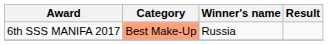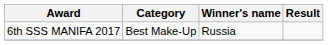 <table class="wikitable sortable">
 <tr>
 <th>Award</th>
 <th>Category</th>
 <th>Winner's name</th>
 <th>Result</th>
 </tr>
 <tr>
 <td>6th SSS MANIFA 2017</td>
-<td style="background: lightsalmon;">Best Make-Up</td>
+<td>Best Make-Up</td>
 <td>Russia</td>
 <td></td>
 </tr>
 <tr>
 </tr>
 </table>
